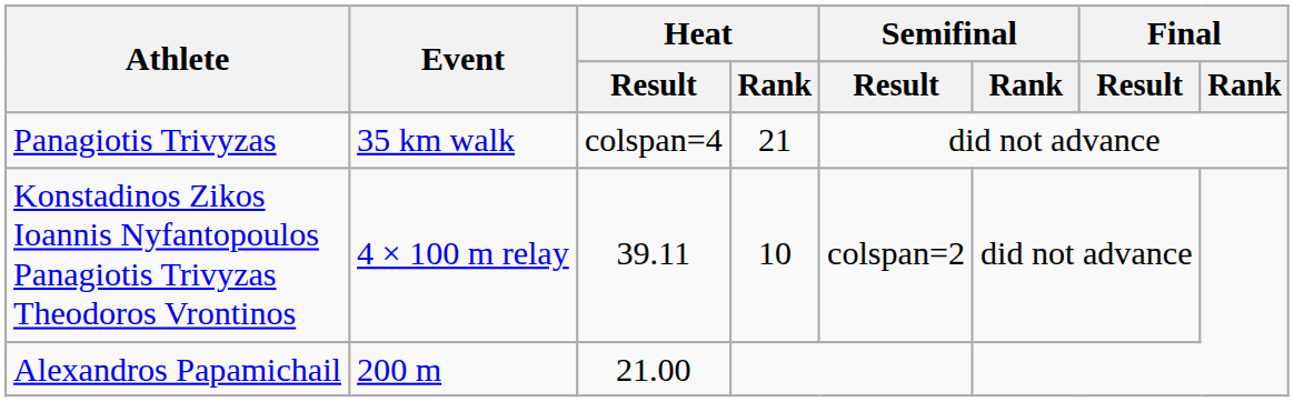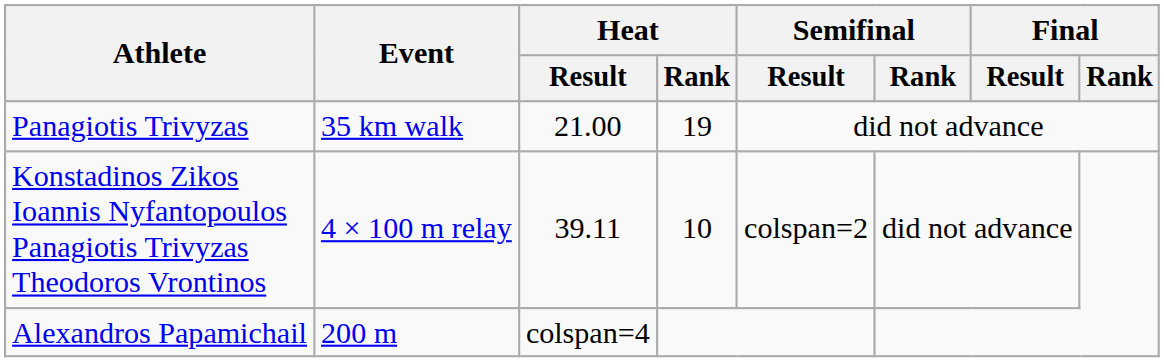 <table class="wikitable" style="font-size:90%">
 <tr>
 <th rowspan=2>Athlete</th>
 <th rowspan=2>Event</th>
 <th colspan=2>Heat</th>
 <th colspan=2>Semifinal</th>
 <th colspan=2>Final</th>
 </tr>
 <tr style="font-size:95%">
 <th>Result</th>
 <th>Rank</th>
 <th>Result</th>
 <th>Rank</th>
 <th>Result</th>
 <th>Rank</th>
 </tr>
 <tr align="center">
 <td align=left><a href='#'>Panagiotis Trivyzas</a></td>
 <td align=left><a href='#'>35 km walk</a></td>
-<td>colspan=4 </td>
-<td>21</td>
+<td>21.00</td>
+<td>19</td>
 <td colspan=4>did not advance</td>
 </tr>
 <tr align=center>
 <td align=left><a href='#'>Konstadinos Zikos</a> <br><a href='#'>Ioannis Nyfantopoulos</a>   <br><a href='#'>Panagiotis Trivyzas</a> <br> <a href='#'>Theodoros Vrontinos</a></td>
 <td align=left><a href='#'>4 × 100 m relay</a></td>
 <td>39.11</td>
 <td>10</td>
 <td>colspan=2 </td>
 <td colspan=2>did not advance</td>
 </tr>
 <tr align=center>
 <td align=left><a href='#'>Alexandros Papamichail</a></td>
 <td style="text-align:left;"><a href='#'>200 m</a></td>
-<td>21.00</td>
+<td>colspan=4 </td>
 <td colspan=2></td>
 </tr>
 </table>
